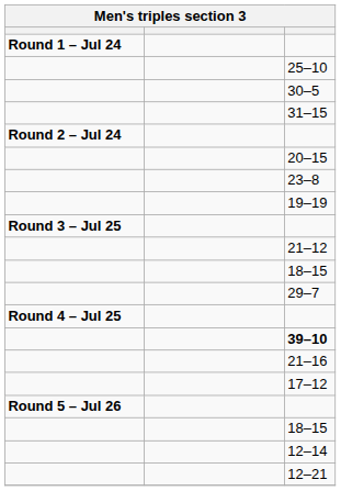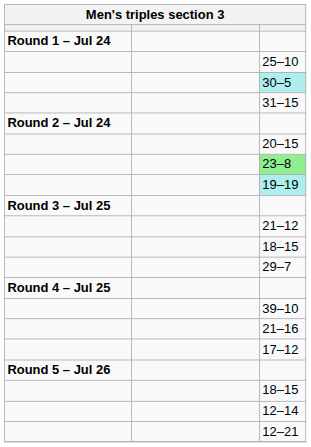 <table class="wikitable">
 <tr>
 <th colspan="3">Men's triples section 3</th>
 </tr>
 <tr>
 <th width=150></th>
 <th width=150></th>
 <th width=50></th>
 </tr>
 <tr>
 <td><strong>Round 1 – Jul 24</strong></td>
 <td></td>
 <td></td>
 </tr>
 <tr>
 <td></td>
 <td></td>
 <td>25–10</td>
 </tr>
 <tr>
 <td></td>
 <td></td>
-<td>30–5</td>
+<td style="background: paleturquoise;">30–5</td>
 </tr>
 <tr>
 <td></td>
 <td></td>
 <td>31–15</td>
 </tr>
 <tr>
 <td><strong>Round 2 – Jul 24</strong></td>
 <td></td>
 <td></td>
 </tr>
 <tr>
 <td></td>
 <td></td>
 <td>20–15</td>
 </tr>
 <tr>
 <td></td>
 <td></td>
-<td>23–8</td>
+<td style="background: lightgreen;">23–8</td>
 </tr>
 <tr>
 <td></td>
 <td></td>
-<td>19–19</td>
+<td style="background: paleturquoise;">19–19</td>
 </tr>
 <tr>
 <td><strong>Round 3 – Jul 25</strong></td>
 <td></td>
 <td></td>
 </tr>
 <tr>
 <td></td>
 <td></td>
 <td>21–12</td>
 </tr>
 <tr>
 <td></td>
 <td></td>
 <td>18–15</td>
 </tr>
 <tr>
 <td></td>
 <td></td>
 <td>29–7</td>
 </tr>
 <tr>
 <td><strong>Round 4 – Jul 25</strong></td>
 <td></td>
 <td></td>
 </tr>
 <tr>
 <td></td>
 <td></td>
-<td><strong>39–10</strong></td>
+<td>39–10</td>
 </tr>
 <tr>
 <td></td>
 <td></td>
 <td>21–16</td>
 </tr>
 <tr>
 <td></td>
 <td></td>
 <td>17–12</td>
 </tr>
 <tr>
 <td><strong>Round 5 – Jul 26</strong></td>
 <td></td>
 <td></td>
 </tr>
 <tr>
 <td></td>
 <td></td>
 <td>18–15</td>
 </tr>
 <tr>
 <td></td>
 <td></td>
 <td>12–14</td>
 </tr>
 <tr>
 <td></td>
 <td></td>
 <td>12–21</td>
 </tr>
 <tr>
 </tr>
 </table>
